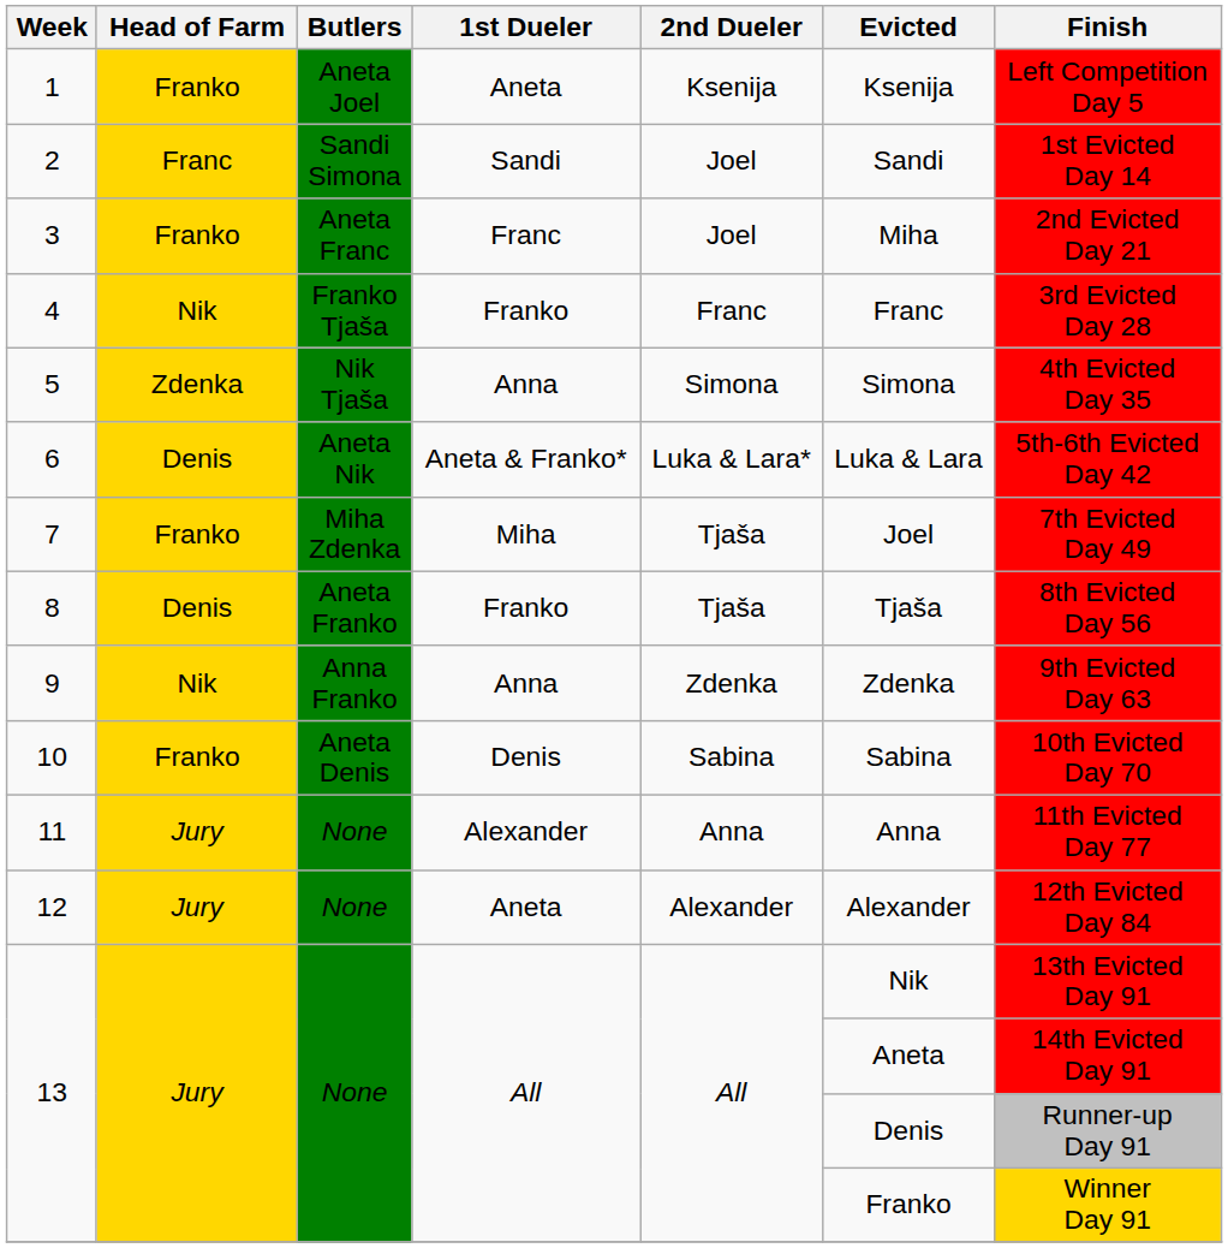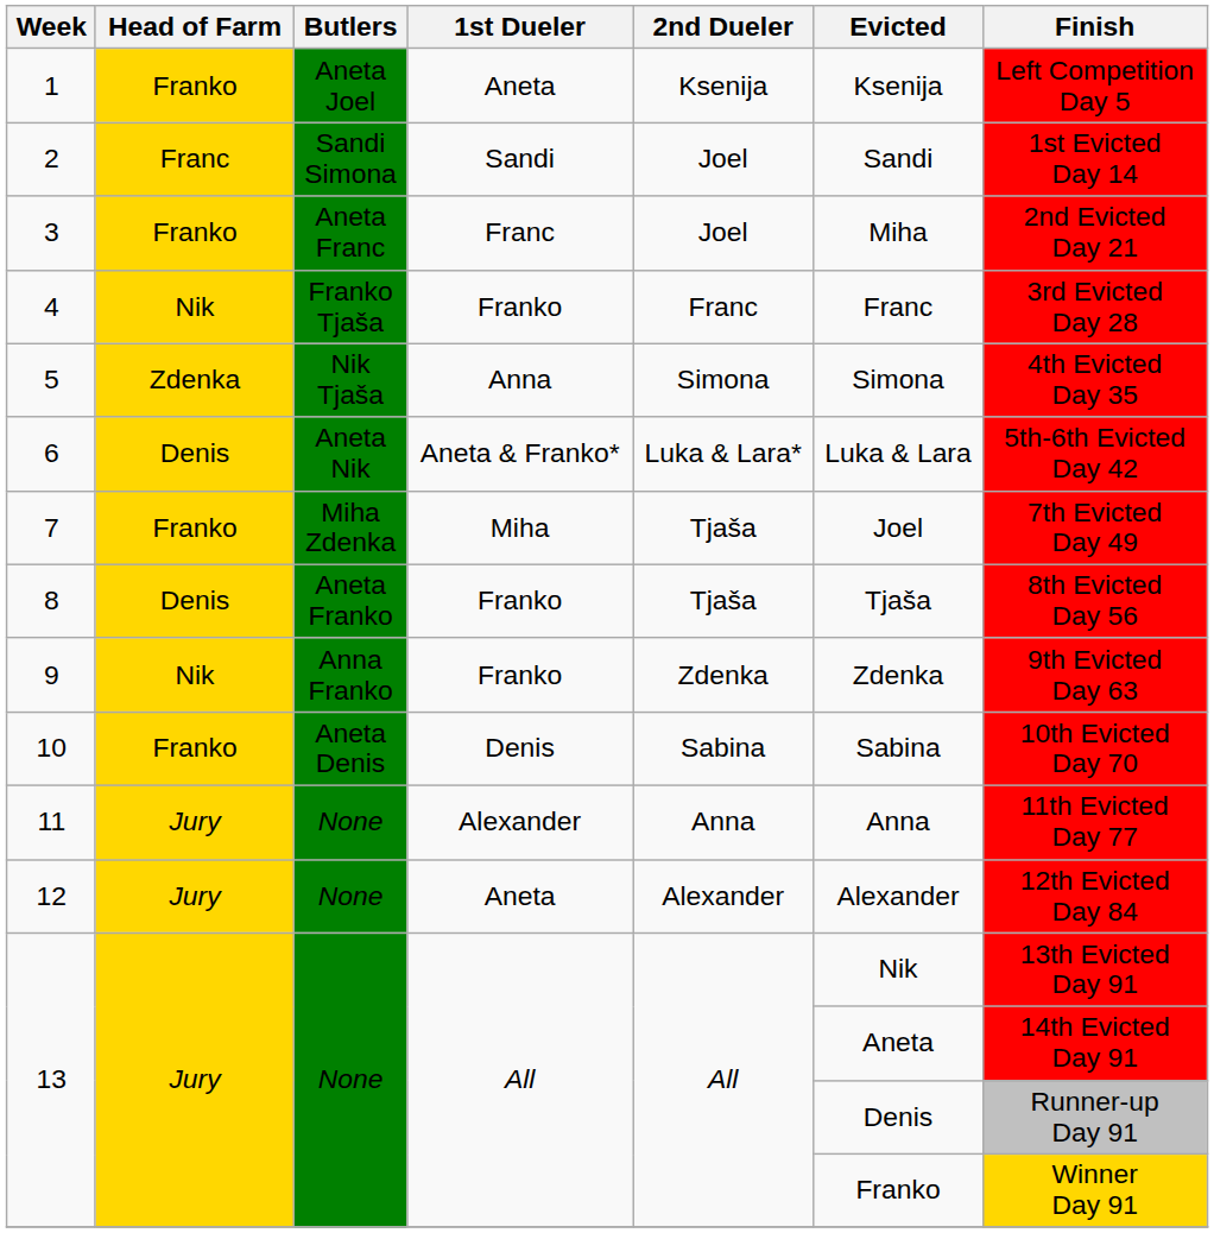 <table class="wikitable" style="font-size:100%; text-align:center; width: 80%; margin-left: auto; margin-right: auto;">
 <tr>
 <th>Week</th>
 <th>Head of Farm</th>
 <th>Butlers</th>
 <th>1st Dueler</th>
 <th>2nd Dueler</th>
 <th>Evicted</th>
 <th>Finish</th>
 </tr>
 <tr>
 <td>1</td>
 <td style="background:gold;">Franko</td>
 <td style="background:green;">Aneta<br>Joel</td>
 <td>Aneta</td>
 <td>Ksenija</td>
 <td>Ksenija</td>
 <td style="background:#ff0000">Left Competition<br>Day 5</td>
 </tr>
 <tr>
 <td>2</td>
 <td style="background:gold;">Franc</td>
 <td style="background:green;">Sandi<br>Simona</td>
 <td>Sandi</td>
 <td>Joel</td>
 <td>Sandi</td>
 <td style="background:#ff0000">1st Evicted<br>Day 14</td>
 </tr>
 <tr>
 <td>3</td>
 <td style=background:gold;>Franko</td>
 <td style="background:green;">Aneta<br>Franc</td>
 <td>Franc</td>
 <td>Joel</td>
 <td>Miha</td>
 <td style="background:#ff0000">2nd Evicted<br>Day 21</td>
 </tr>
 <tr>
 <td>4</td>
 <td style=background:gold;>Nik</td>
 <td style="background:green;">Franko<br>Tjaša</td>
 <td>Franko</td>
 <td>Franc</td>
 <td>Franc</td>
 <td style="background:#ff0000">3rd Evicted<br>Day 28</td>
 </tr>
 <tr>
 <td>5</td>
 <td style=background:gold;>Zdenka</td>
 <td style="background:green;">Nik<br>Tjaša</td>
 <td>Anna</td>
 <td>Simona</td>
 <td>Simona</td>
 <td style="background:#ff0000">4th Evicted<br>Day 35</td>
 </tr>
 <tr>
 <td>6</td>
 <td style=background:gold;>Denis</td>
 <td style="background:green;">Aneta<br>Nik</td>
 <td>Aneta & Franko*</td>
 <td>Luka & Lara*</td>
 <td>Luka & Lara</td>
 <td style="background:#ff0000">5th-6th Evicted<br>Day 42</td>
 </tr>
 <tr>
 <td>7</td>
 <td style=background:gold;>Franko</td>
 <td style="background:green;">Miha<br>Zdenka</td>
 <td>Miha</td>
 <td>Tjaša</td>
 <td>Joel</td>
 <td style="background:#ff0000">7th Evicted<br>Day 49</td>
 </tr>
 <tr>
 <td>8</td>
 <td style=background:gold;>Denis</td>
 <td style="background:green;">Aneta<br>Franko</td>
 <td>Franko</td>
 <td>Tjaša</td>
 <td>Tjaša</td>
 <td style="background:#ff0000">8th Evicted<br>Day 56</td>
 </tr>
 <tr>
 <td>9</td>
 <td style=background:gold;>Nik</td>
 <td style="background:green;">Anna<br>Franko</td>
-<td>Anna</td>
+<td>Franko</td>
 <td>Zdenka</td>
 <td>Zdenka</td>
 <td style="background:#ff0000">9th Evicted<br>Day 63</td>
 </tr>
 <tr>
 <td>10</td>
 <td style=background:gold;>Franko</td>
 <td style="background:green;">Aneta<br>Denis</td>
 <td>Denis</td>
 <td>Sabina</td>
 <td>Sabina</td>
 <td style="background:#ff0000">10th Evicted<br>Day 70</td>
 </tr>
 <tr>
 <td>11</td>
 <td style=background:gold;><em>Jury</em></td>
 <td style="background:green;"><em>None</em></td>
 <td>Alexander</td>
 <td>Anna</td>
 <td>Anna</td>
 <td style="background:#ff0000">11th Evicted<br>Day 77</td>
 </tr>
 <tr>
 <td>12</td>
 <td style=background:gold;><em>Jury</em></td>
 <td style="background:green;"><em>None</em></td>
 <td>Aneta</td>
 <td>Alexander</td>
 <td>Alexander</td>
 <td style="background:#ff0000">12th Evicted<br>Day 84</td>
 </tr>
 <tr>
 <td rowspan="4">13</td>
 <td rowspan="4" style=background:gold;><em>Jury</em></td>
 <td rowspan="4" style="background:green;"><em>None</em></td>
 <td rowspan="4"><em>All</em></td>
 <td rowspan="4"><em>All</em></td>
 <td>Nik</td>
 <td rowspan="1" style="background:#ff0000">13th Evicted<br>Day 91</td>
 </tr>
 <tr>
 <td>Aneta</td>
 <td rowspan="1" style="background:#ff0000">14th Evicted<br>Day 91</td>
 </tr>
 <tr>
 <td>Denis</td>
 <td rowspan="1" style="background:silver;">Runner-up<br>Day 91</td>
 </tr>
 <tr>
 <td>Franko</td>
 <td rowspan="1" style="background:gold;">Winner<br>Day 91</td>
 </tr>
 <tr>
 </tr>
 </table>
